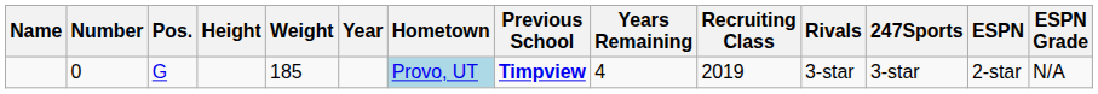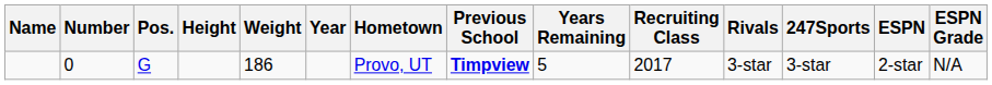 <table class="wikitable sortable">
 <tr>
 <th>Name</th>
 <th>Number</th>
 <th>Pos.</th>
 <th>Height</th>
 <th>Weight</th>
 <th>Year</th>
 <th>Hometown</th>
 <th ! class="unsortable">Previous<br>School</th>
 <th ! class="unsortable">Years<br>Remaining</th>
 <th ! class="unsortable">Recruiting<br>Class</th>
 <th ! class="unsortable">Rivals</th>
 <th ! class="unsortable">247Sports</th>
 <th ! class="unsortable">ESPN</th>
 <th ! class="unsortable">ESPN Grade</th>
 </tr>
 <tr>
 <td></td>
 <td>0</td>
 <td><a href='#'>G</a></td>
 <td></td>
-<td>185</td>
+<td>186</td>
 <td></td>
-<td style="background: lightblue;"><a href='#'>Provo, UT</a></td>
+<td><a href='#'>Provo, UT</a></td>
 <td><strong><a href='#'>Timpview</a></strong></td>
-<td>4</td>
-<td>2019</td>
+<td>5</td>
+<td>2017</td>
 <td>3-star</td>
 <td>3-star</td>
 <td>2-star</td>
 <td>N/A</td>
 </tr>
 </table>
